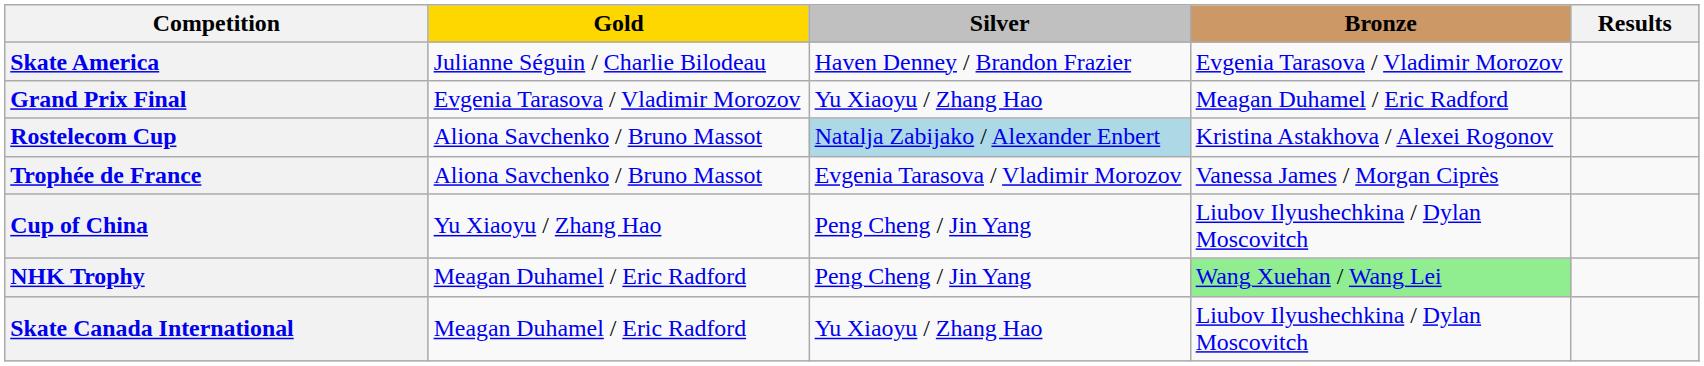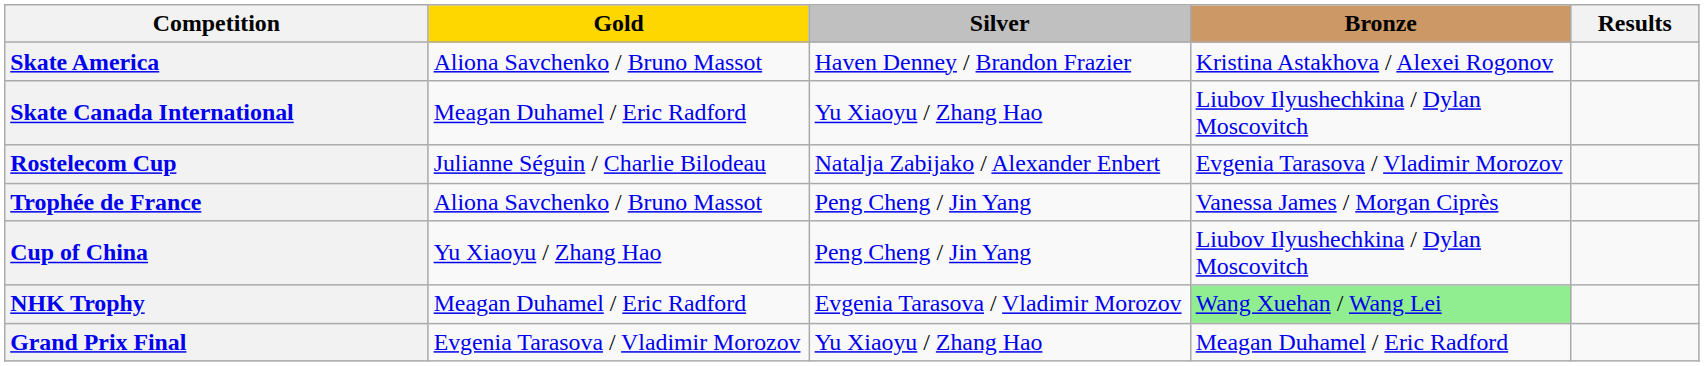 <table class="wikitable unsortable" style="text-align:left; width:90%">
 <tr>
 <th scope="col" style="text-align:center; width:25%;">Competition</th>
 <td scope="col" style="text-align:center; width:22.5%; background:gold"><strong>Gold</strong></td>
 <td scope="col" style="text-align:center; width:22.5%; background:silver"><strong>Silver</strong></td>
 <td scope="col" style="text-align:center; width:22.5%; background:#c96"><strong>Bronze</strong></td>
 <th scope="col" style="text-align:center; width:7.5%;">Results</th>
 </tr>
 <tr>
 <th scope="row" style="text-align:left"> <a href='#'>Skate America</a></th>
-<td> <a href='#'>Julianne Séguin</a> / <a href='#'>Charlie Bilodeau</a></td>
+<td> <a href='#'>Aliona Savchenko</a> / <a href='#'>Bruno Massot</a></td>
 <td> <a href='#'>Haven Denney</a> / <a href='#'>Brandon Frazier</a></td>
-<td> <a href='#'>Evgenia Tarasova</a> / <a href='#'>Vladimir Morozov</a></td>
+<td> <a href='#'>Kristina Astakhova</a> / <a href='#'>Alexei Rogonov</a></td>
 <td></td>
 </tr>
 <tr>
-<th scope="row" style="text-align:left"> <a href='#'>Grand Prix Final</a></th>
-<td> <a href='#'>Evgenia Tarasova</a> / <a href='#'>Vladimir Morozov</a></td>
+<th scope="row" style="text-align:left"> <a href='#'>Skate Canada International</a></th>
+<td> <a href='#'>Meagan Duhamel</a> / <a href='#'>Eric Radford</a></td>
 <td> <a href='#'>Yu Xiaoyu</a> / <a href='#'>Zhang Hao</a></td>
-<td> <a href='#'>Meagan Duhamel</a> / <a href='#'>Eric Radford</a></td>
+<td> <a href='#'>Liubov Ilyushechkina</a> / <a href='#'>Dylan Moscovitch</a></td>
 <td></td>
 </tr>
 <tr>
 <th scope="row" style="text-align:left"> <a href='#'>Rostelecom Cup</a></th>
-<td> <a href='#'>Aliona Savchenko</a> / <a href='#'>Bruno Massot</a></td>
-<td style="background: lightblue;"> <a href='#'>Natalja Zabijako</a> / <a href='#'>Alexander Enbert</a></td>
-<td> <a href='#'>Kristina Astakhova</a> / <a href='#'>Alexei Rogonov</a></td>
+<td> <a href='#'>Julianne Séguin</a> / <a href='#'>Charlie Bilodeau</a></td>
+<td> <a href='#'>Natalja Zabijako</a> / <a href='#'>Alexander Enbert</a></td>
+<td> <a href='#'>Evgenia Tarasova</a> / <a href='#'>Vladimir Morozov</a></td>
 <td></td>
 </tr>
 <tr>
 <th scope="row" style="text-align:left"> <a href='#'>Trophée de France</a></th>
 <td> <a href='#'>Aliona Savchenko</a> / <a href='#'>Bruno Massot</a></td>
-<td> <a href='#'>Evgenia Tarasova</a> / <a href='#'>Vladimir Morozov</a></td>
+<td> <a href='#'>Peng Cheng</a> / <a href='#'>Jin Yang</a></td>
 <td> <a href='#'>Vanessa James</a> / <a href='#'>Morgan Ciprès</a></td>
 <td></td>
 </tr>
 <tr>
 <th scope="row" style="text-align:left"> <a href='#'>Cup of China</a></th>
 <td> <a href='#'>Yu Xiaoyu</a> / <a href='#'>Zhang Hao</a></td>
 <td> <a href='#'>Peng Cheng</a> / <a href='#'>Jin Yang</a></td>
 <td> <a href='#'>Liubov Ilyushechkina</a> / <a href='#'>Dylan Moscovitch</a></td>
 <td></td>
 </tr>
 <tr>
 <th scope="row" style="text-align:left"> <a href='#'>NHK Trophy</a></th>
 <td> <a href='#'>Meagan Duhamel</a> / <a href='#'>Eric Radford</a></td>
-<td> <a href='#'>Peng Cheng</a> / <a href='#'>Jin Yang</a></td>
+<td> <a href='#'>Evgenia Tarasova</a> / <a href='#'>Vladimir Morozov</a></td>
 <td style="background: lightgreen;"> <a href='#'>Wang Xuehan</a> / <a href='#'>Wang Lei</a></td>
 <td></td>
 </tr>
 <tr>
-<th scope="row" style="text-align:left"> <a href='#'>Skate Canada International</a></th>
+<th scope="row" style="text-align:left"> <a href='#'>Grand Prix Final</a></th>
+<td> <a href='#'>Evgenia Tarasova</a> / <a href='#'>Vladimir Morozov</a></td>
+<td> <a href='#'>Yu Xiaoyu</a> / <a href='#'>Zhang Hao</a></td>
 <td> <a href='#'>Meagan Duhamel</a> / <a href='#'>Eric Radford</a></td>
-<td> <a href='#'>Yu Xiaoyu</a> / <a href='#'>Zhang Hao</a></td>
-<td> <a href='#'>Liubov Ilyushechkina</a> / <a href='#'>Dylan Moscovitch</a></td>
 <td></td>
 </tr>
 </table>
